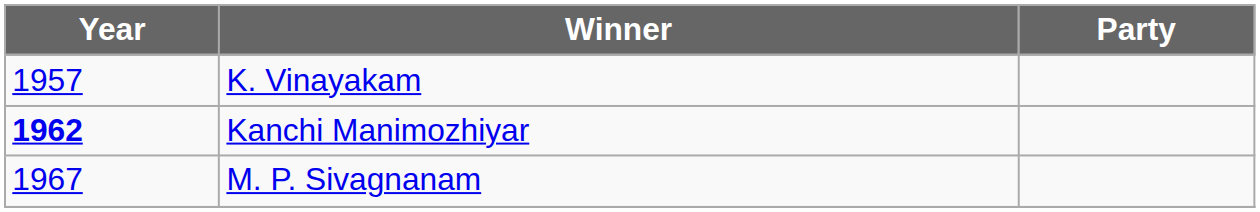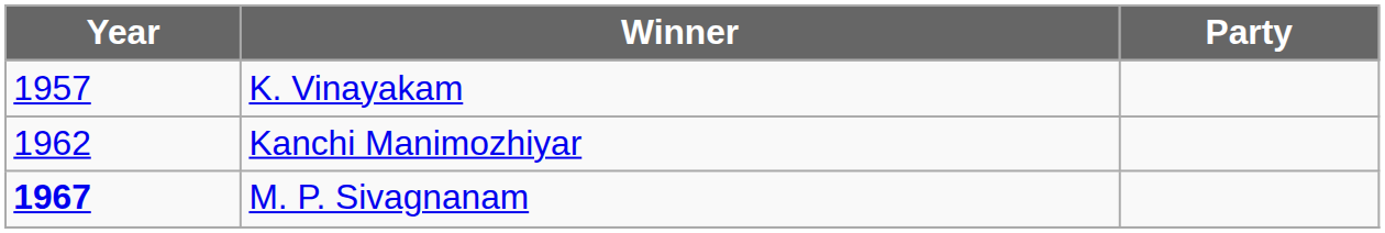 <table class="wikitable" width="50%">
 <tr>
 <th style="background-color:#666666; color:white">Year</th>
 <th style="background-color:#666666; color:white">Winner</th>
 <th style="background-color:#666666; color:white" colspan="2">Party</th>
 </tr>
 <tr>
 <td><a href='#'>1957</a></td>
 <td><a href='#'>K. Vinayakam</a></td>
 <td></td>
 </tr>
 <tr>
-<td><strong><a href='#'>1962</a></strong></td>
+<td><a href='#'>1962</a></td>
 <td><a href='#'>Kanchi Manimozhiyar</a></td>
 <td></td>
 </tr>
 <tr>
-<td><a href='#'>1967</a></td>
+<td><strong><a href='#'>1967</a></strong></td>
 <td><a href='#'>M. P. Sivagnanam</a></td>
 <td></td>
 </tr>
 <tr>
 </tr>
 </table>
